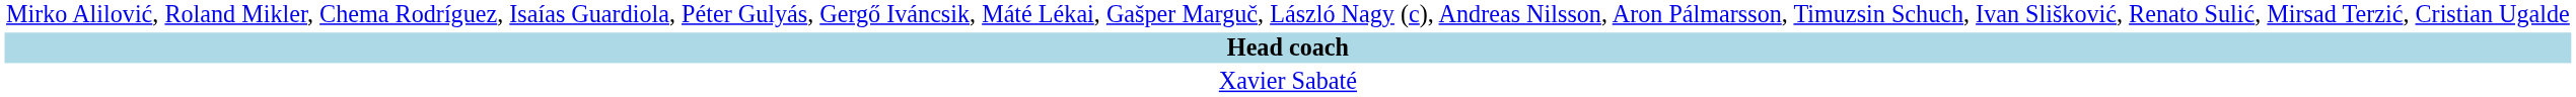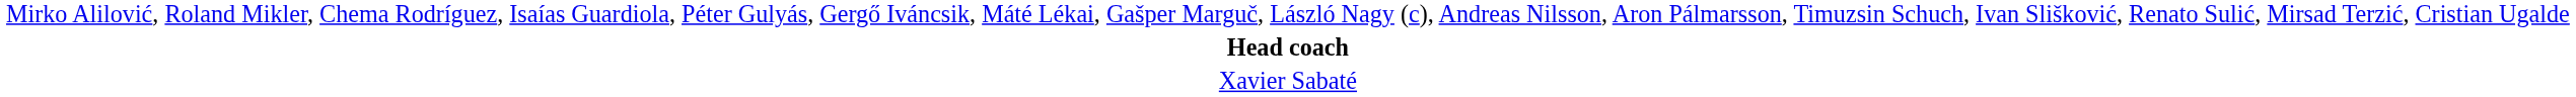 <table style="text-align: center; margin-top: 2em; margin-left: auto; margin-right: auto">
 <tr>
 <td><a href='#'>Mirko Alilović</a>, <a href='#'>Roland Mikler</a>, <a href='#'>Chema Rodríguez</a>, <a href='#'>Isaías Guardiola</a>, <a href='#'>Péter Gulyás</a>, <a href='#'>Gergő Iváncsik</a>, <a href='#'>Máté Lékai</a>, <a href='#'>Gašper Marguč</a>, <a href='#'>László Nagy</a> (<a href='#'>c</a>), <a href='#'>Andreas Nilsson</a>, <a href='#'>Aron Pálmarsson</a>, <a href='#'>Timuzsin Schuch</a>, <a href='#'>Ivan Slišković</a>, <a href='#'>Renato Sulić</a>, <a href='#'>Mirsad Terzić</a>, <a href='#'>Cristian Ugalde</a></td>
 </tr>
 <tr>
-<td style="background: lightblue;"><strong>Head coach</strong></td>
+<td><strong>Head coach</strong></td>
 </tr>
 <tr>
 <td><a href='#'>Xavier Sabaté</a></td>
 </tr>
 </table>
